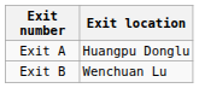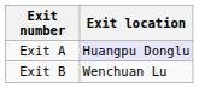 <table class="wikitable">
 <tr>
 <th style="width:70px" colspan="2">Exit number</th>
 <th>Exit location</th>
 </tr>
 <tr>
 <td align="center" colspan="2">Exit A</td>
-<td>Huangpu Donglu</td>
+<td style="background: lavender;">Huangpu Donglu</td>
 </tr>
 <tr>
 <td align="center" colspan="2">Exit B</td>
 <td>Wenchuan Lu</td>
 </tr>
 </table>
